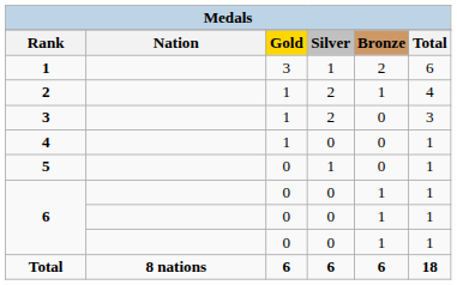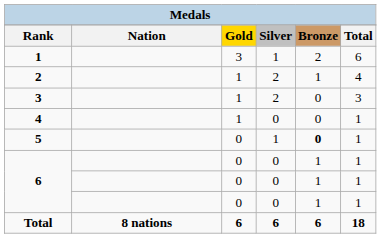 <table class="wikitable" style="text-align:center">
 <tr>
 <td colspan="6" style="background:#BCD4E6"><strong>Medals</strong></td>
 </tr>
 <tr>
 </tr>
 <tr style="background-color:#EDEDED;">
 <th width="75px" class="hintergrundfarbe5">Rank</th>
 <th width="175px" class="hintergrundfarbe6">Nation</th>
 <th style="background:    gold; width:35px ">Gold</th>
 <th style="background:  silver; width:35px ">Silver</th>
 <th style="background: #CC9966; width:35px ">Bronze</th>
 <th width="35px">Total</th>
 </tr>
 <tr>
 <td><strong>1</strong></td>
 <td align=left></td>
 <td>3</td>
 <td>1</td>
 <td>2</td>
 <td>6</td>
 </tr>
 <tr>
 <td><strong>2</strong></td>
 <td align=left></td>
 <td>1</td>
 <td>2</td>
 <td>1</td>
 <td>4</td>
 </tr>
 <tr>
 <td><strong>3</strong></td>
 <td align=left></td>
 <td>1</td>
 <td>2</td>
 <td>0</td>
 <td>3</td>
 </tr>
 <tr>
 <td><strong>4</strong></td>
 <td align=left></td>
 <td>1</td>
 <td>0</td>
 <td>0</td>
 <td>1</td>
 </tr>
 <tr>
 <td><strong>5</strong></td>
 <td align=left></td>
 <td>0</td>
 <td>1</td>
-<td>0</td>
+<td><strong>0</strong></td>
 <td>1</td>
 </tr>
 <tr>
 <td rowspan="3"><strong>6</strong></td>
 <td align=left></td>
 <td>0</td>
 <td>0</td>
 <td>1</td>
 <td>1</td>
 </tr>
 <tr>
 <td align=left></td>
 <td>0</td>
 <td>0</td>
 <td>1</td>
 <td>1</td>
 </tr>
 <tr>
 <td align=left></td>
 <td>0</td>
 <td>0</td>
 <td>1</td>
 <td>1</td>
 </tr>
 <tr>
 <td><strong>Total</strong></td>
 <td><strong>8 nations</strong></td>
 <td><strong>6</strong></td>
 <td><strong>6</strong></td>
 <td><strong>6</strong></td>
 <td><strong>18</strong></td>
 </tr>
 </table>
